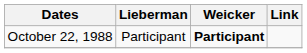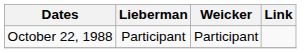 <table class="wikitable" style="text-align:center">
 <tr>
 <th>Dates</th>
 <th>Lieberman</th>
 <th>Weicker</th>
 <th>Link</th>
 </tr>
 <tr>
 <td>October 22, 1988</td>
 <td>Participant</td>
-<td><strong>Participant</strong></td>
+<td>Participant</td>
 <td align=left></td>
 </tr>
 <tr>
 </tr>
 </table>
